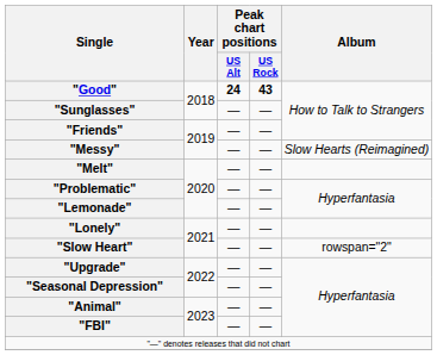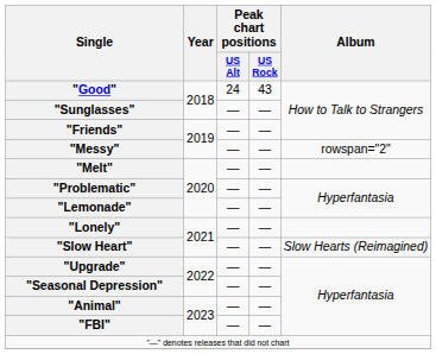 <table class="wikitable plainrowheaders" style="text-align:center;">
 <tr>
 <th rowspan="2" style="width:14em;">Single</th>
 <th rowspan="2">Year</th>
 <th colspan="2">Peak chart positions</th>
 <th rowspan="2">Album</th>
 </tr>
 <tr style="font-size:smaller;">
 <th style="width:35px;"><a href='#'>US<br>Alt</a><br></th>
 <th style="width:35px;"><a href='#'>US<br>Rock</a><br></th>
 </tr>
 <tr>
 <th scope="row">"<a href='#'>Good</a>"</th>
 <td rowspan="2">2018</td>
-<td><strong>24</strong></td>
-<td><strong>43</strong></td>
+<td>24</td>
+<td>43</td>
 <td rowspan="3"><em>How to Talk to Strangers</em></td>
 </tr>
 <tr>
 <th scope="row">"Sunglasses"</th>
 <td>—</td>
 <td>—</td>
 </tr>
 <tr>
 <th scope="row">"Friends"</th>
 <td rowspan="2">2019</td>
 <td>—</td>
 <td>—</td>
 </tr>
 <tr>
 <th scope="row">"Messy"</th>
 <td>—</td>
 <td>—</td>
-<td><em>Slow Hearts (Reimagined)</em></td>
+<td>rowspan="2" </td>
 </tr>
 <tr>
 <th scope="row">"Melt"</th>
 <td rowspan="3">2020</td>
 <td>—</td>
 <td>—</td>
 </tr>
 <tr>
 <th scope="row">"Problematic"</th>
 <td>—</td>
 <td>—</td>
 <td rowspan="2"><em>Hyperfantasia</em></td>
 </tr>
 <tr>
 <th scope="row">"Lemonade"</th>
 <td>—</td>
 <td>—</td>
 </tr>
 <tr>
 <th scope="row">"Lonely"<br></th>
 <td rowspan="2">2021</td>
 <td>—</td>
 <td>—</td>
 <td></td>
 </tr>
 <tr>
 <th scope="row">"Slow Heart"</th>
 <td>—</td>
 <td>—</td>
-<td>rowspan="2" </td>
+<td><em>Slow Hearts (Reimagined)</em></td>
 </tr>
 <tr>
 <th scope="row">"Upgrade"<br></th>
 <td rowspan="2">2022</td>
 <td>—</td>
 <td>—</td>
 <td rowspan="4"><em>Hyperfantasia</em></td>
 </tr>
 <tr>
 <th scope="row">"Seasonal Depression"</th>
 <td>—</td>
 <td>—</td>
 </tr>
 <tr>
 <th scope="row">"Animal"</th>
 <td rowspan="2">2023</td>
 <td>—</td>
 <td>—</td>
 </tr>
 <tr>
 <th scope="row">"FBI"<br></th>
 <td>—</td>
 <td>—</td>
 </tr>
 <tr>
 <td colspan="14" style="font-size:8pt">"—" denotes releases that did not chart</td>
 </tr>
 <tr>
 </tr>
 </table>
